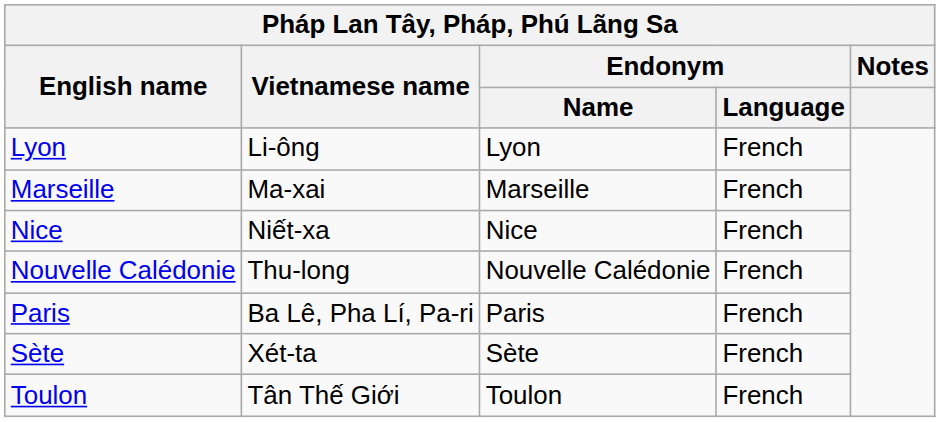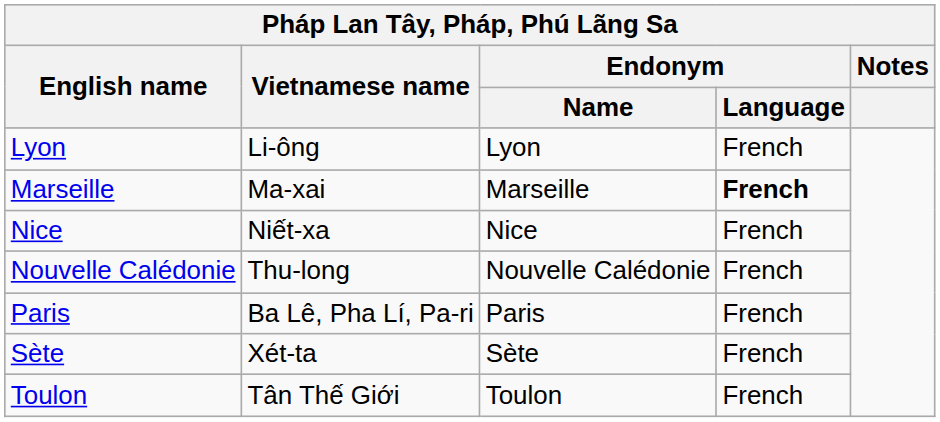 <table class="wikitable sortable">
 <tr>
 <th colspan="5"> Pháp Lan Tây, Pháp, Phú Lãng Sa</th>
 </tr>
 <tr>
 <th rowspan="2">English name</th>
 <th rowspan="2">Vietnamese name</th>
 <th colspan="2">Endonym</th>
 <th>Notes</th>
 </tr>
 <tr>
 <th>Name</th>
 <th>Language</th>
 <th></th>
 </tr>
 <tr>
 <td><a href='#'>Lyon</a></td>
 <td>Li-ông</td>
 <td>Lyon</td>
 <td>French</td>
 </tr>
 <tr>
 <td><a href='#'>Marseille</a></td>
 <td>Ma-xai</td>
 <td>Marseille</td>
-<td>French</td>
+<td><strong>French</strong></td>
 </tr>
 <tr>
 <td><a href='#'>Nice</a></td>
 <td>Niết-xa</td>
 <td>Nice</td>
 <td>French</td>
 </tr>
 <tr>
 <td><a href='#'>Nouvelle Calédonie</a></td>
 <td>Thu-long</td>
 <td>Nouvelle Calédonie</td>
 <td>French</td>
 </tr>
 <tr>
 <td><a href='#'>Paris</a></td>
 <td>Ba Lê, Pha Lí, Pa-ri</td>
 <td>Paris</td>
 <td>French</td>
 </tr>
 <tr>
 <td><a href='#'>Sète</a></td>
 <td>Xét-ta</td>
 <td>Sète</td>
 <td>French</td>
 </tr>
 <tr>
 <td><a href='#'>Toulon</a></td>
 <td>Tân Thế Giới</td>
 <td>Toulon</td>
 <td>French</td>
 </tr>
 </table>
